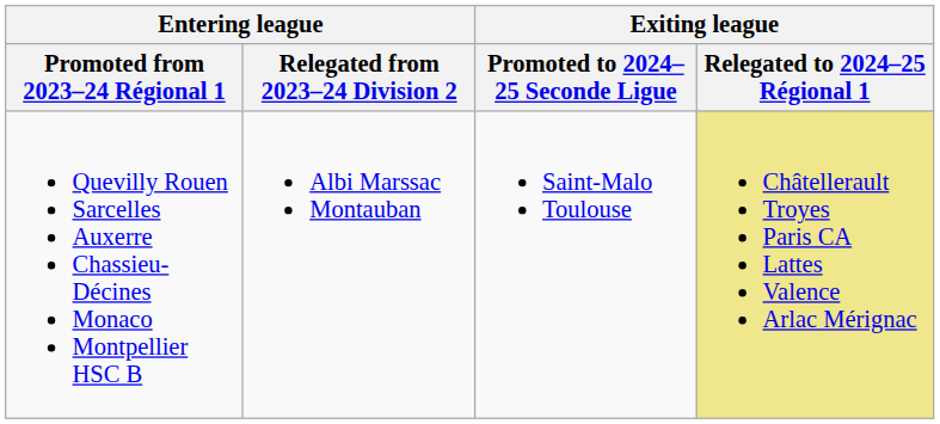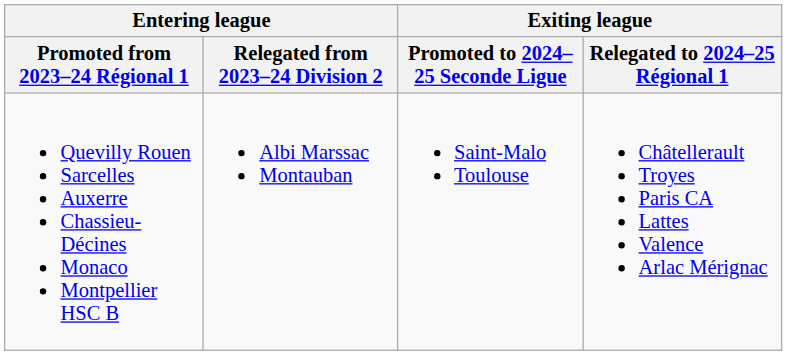 <table class="wikitable">
 <tr>
 <th colspan=2>Entering league</th>
 <th colspan=2>Exiting league</th>
 </tr>
 <tr>
 <th>Promoted from <a href='#'>2023–24 Régional 1</a></th>
 <th>Relegated from <a href='#'>2023–24 Division 2</a></th>
 <th>Promoted to <a href='#'>2024–25 Seconde Ligue</a></th>
 <th>Relegated to <a href='#'>2024–25 Régional 1</a></th>
 </tr>
 <tr style="vertical-align:top;">
 <td><br><ul><li><a href='#'>Quevilly Rouen</a></li><li><a href='#'>Sarcelles</a></li><li><a href='#'>Auxerre</a></li><li><a href='#'>Chassieu-Décines</a></li><li><a href='#'>Monaco</a></li><li><a href='#'>Montpellier HSC B</a></li></ul></td>
 <td><br><ul><li><a href='#'>Albi Marssac</a></li><li><a href='#'>Montauban</a></li></ul></td>
 <td><br><ul><li><a href='#'>Saint-Malo</a></li><li><a href='#'>Toulouse</a></li></ul></td>
-<td style="background: khaki;"><br><ul><li><a href='#'>Châtellerault</a></li><li><a href='#'>Troyes</a></li><li><a href='#'>Paris CA</a></li><li><a href='#'>Lattes</a></li><li><a href='#'>Valence</a></li><li><a href='#'>Arlac Mérignac</a></li></ul></td>
+<td><br><ul><li><a href='#'>Châtellerault</a></li><li><a href='#'>Troyes</a></li><li><a href='#'>Paris CA</a></li><li><a href='#'>Lattes</a></li><li><a href='#'>Valence</a></li><li><a href='#'>Arlac Mérignac</a></li></ul></td>
 </tr>
 </table>
